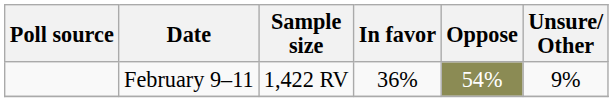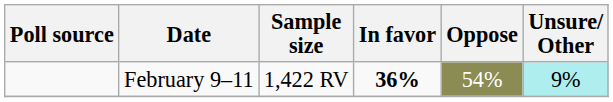 <table class="wikitable sortable collapsible" style="text-align:center;line-height:17px">
 <tr>
 <th>Poll source</th>
 <th>Date</th>
 <th>Sample<br>size</th>
 <th>In favor</th>
 <th>Oppose</th>
 <th>Unsure/<br>Other</th>
 </tr>
 <tr>
 <td></td>
 <td>February 9–11</td>
 <td>1,422 RV</td>
-<td>36%</td>
+<td><strong>36%</strong></td>
 <td style="background:#8B8B54; color: white">54%</td>
-<td>9%</td>
+<td style="background: paleturquoise;">9%</td>
 </tr>
 <tr>
 </tr>
 </table>
